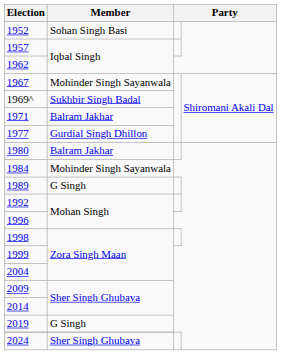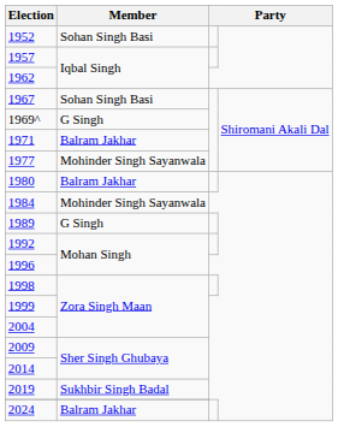 <table class="wikitable sortable">
 <tr>
 <th>Election</th>
 <th>Member</th>
 <th colspan="2">Party</th>
 </tr>
 <tr>
 <td><a href='#'>1952</a></td>
 <td>Sohan Singh Basi</td>
 <td></td>
 </tr>
 <tr>
 <td><a href='#'>1957</a></td>
 <td rowspan="2">Iqbal Singh</td>
 <td></td>
 </tr>
 <tr>
 <td><a href='#'>1962</a></td>
 </tr>
 <tr>
 <td><a href='#'>1967</a></td>
-<td>Mohinder Singh Sayanwala</td>
+<td>Sohan Singh Basi</td>
 <td rowspan="4" width="4px" style="background-color: "></td>
 <td rowspan="4"><a href='#'>Shiromani Akali Dal</a></td>
 </tr>
 <tr>
 <td>1969^</td>
-<td><a href='#'>Sukhbir Singh Badal</a></td>
+<td>G Singh</td>
 </tr>
 <tr>
 <td><a href='#'>1971</a></td>
 <td><a href='#'>Balram Jakhar</a></td>
 </tr>
 <tr>
 <td><a href='#'>1977</a></td>
-<td><a href='#'>Gurdial Singh Dhillon</a></td>
+<td>Mohinder Singh Sayanwala</td>
 </tr>
 <tr>
 <td><a href='#'>1980</a></td>
 <td><a href='#'>Balram Jakhar</a></td>
 <td></td>
 </tr>
 <tr>
 <td><a href='#'>1984</a></td>
 <td>Mohinder Singh Sayanwala</td>
 </tr>
 <tr>
 <td><a href='#'>1989</a></td>
 <td>G Singh</td>
 <td></td>
 </tr>
 <tr>
 <td><a href='#'>1992</a></td>
 <td rowspan="2">Mohan Singh</td>
 <td></td>
 </tr>
 <tr>
 <td><a href='#'>1996</a></td>
 </tr>
 <tr>
 <td><a href='#'>1998</a></td>
 <td rowspan="3"><a href='#'>Zora Singh Maan</a></td>
 <td></td>
 </tr>
 <tr>
 <td><a href='#'>1999</a></td>
 </tr>
 <tr>
 <td><a href='#'>2004</a></td>
 </tr>
 <tr>
 <td><a href='#'>2009</a></td>
 <td rowspan="2"><a href='#'>Sher Singh Ghubaya</a></td>
 </tr>
 <tr>
 <td><a href='#'>2014</a></td>
 </tr>
 <tr>
 <td><a href='#'>2019</a></td>
-<td>G Singh</td>
+<td><a href='#'>Sukhbir Singh Badal</a></td>
 </tr>
 <tr>
 </tr>
 <tr>
 <td><a href='#'>2024</a></td>
-<td><a href='#'>Sher Singh Ghubaya</a></td>
+<td><a href='#'>Balram Jakhar</a></td>
 <td></td>
 </tr>
 </table>
